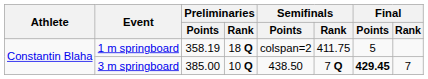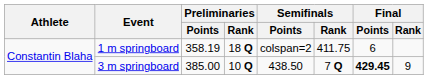 <table class=wikitable style="font-size:90%;">
 <tr>
 <th rowspan="2">Athlete</th>
 <th rowspan="2">Event</th>
 <th colspan="2">Preliminaries</th>
 <th colspan="2">Semifinals</th>
 <th colspan="2">Final</th>
 </tr>
 <tr style="font-size:95%">
 <th>Points</th>
 <th>Rank</th>
 <th>Points</th>
 <th>Rank</th>
 <th>Points</th>
 <th>Rank</th>
 </tr>
 <tr align=center>
 <td align=left rowspan=2><a href='#'>Constantin Blaha</a></td>
 <td align=left><a href='#'>1 m springboard</a></td>
 <td>358.19</td>
 <td>18 <strong>Q</strong></td>
 <td>colspan=2 </td>
 <td>411.75</td>
-<td>5</td>
+<td>6</td>
 </tr>
 <tr align=center>
 <td align=left><a href='#'>3 m springboard</a></td>
 <td>385.00</td>
 <td>10 <strong>Q</strong></td>
 <td>438.50</td>
 <td>7 <strong>Q</strong></td>
 <td><strong>429.45</strong></td>
-<td>7</td>
+<td>9</td>
 </tr>
 </table>
